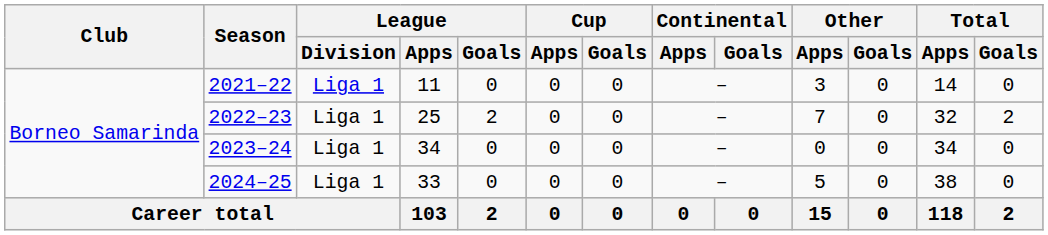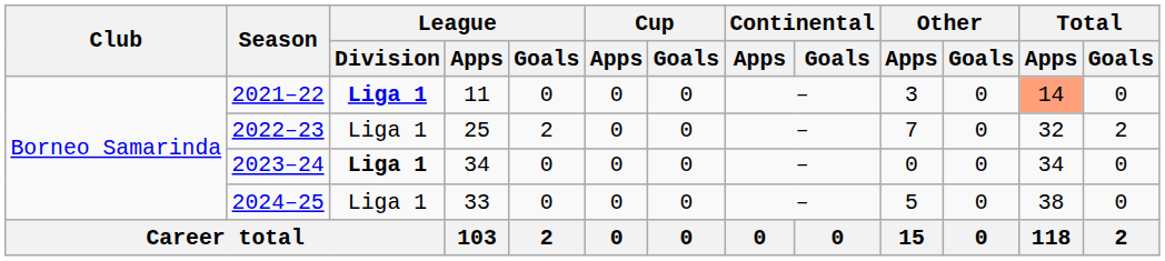 <table class="wikitable" style="text-align: center">
 <tr>
 <th rowspan="2">Club</th>
 <th rowspan="2">Season</th>
 <th colspan="3">League</th>
 <th colspan="2">Cup</th>
 <th colspan="2">Continental</th>
 <th colspan="2">Other</th>
 <th colspan="2">Total</th>
 </tr>
 <tr>
 <th>Division</th>
 <th>Apps</th>
 <th>Goals</th>
 <th>Apps</th>
 <th>Goals</th>
 <th>Apps</th>
 <th>Goals</th>
 <th>Apps</th>
 <th>Goals</th>
 <th>Apps</th>
 <th>Goals</th>
 </tr>
 <tr>
 <td rowspan="4"><a href='#'>Borneo Samarinda</a></td>
 <td><a href='#'>2021–22</a></td>
-<td rowspan="1" valign="center"><a href='#'>Liga 1</a></td>
+<td rowspan="1" valign="center"><strong><a href='#'>Liga 1</a></strong></td>
 <td>11</td>
 <td>0</td>
 <td>0</td>
 <td>0</td>
 <td colspan="2">–</td>
 <td>3</td>
 <td>0</td>
-<td>14</td>
+<td style="background: lightsalmon;">14</td>
 <td>0</td>
 </tr>
 <tr>
 <td><a href='#'>2022–23</a></td>
 <td rowspan="1" valign="center">Liga 1</td>
 <td>25</td>
 <td>2</td>
 <td>0</td>
 <td>0</td>
 <td colspan=2>–</td>
 <td>7</td>
 <td>0</td>
 <td>32</td>
 <td>2</td>
 </tr>
 <tr>
 <td><a href='#'>2023–24</a></td>
-<td>Liga 1</td>
+<td><strong>Liga 1</strong></td>
 <td>34</td>
 <td>0</td>
 <td>0</td>
 <td>0</td>
 <td colspan="2">–</td>
 <td>0</td>
 <td>0</td>
 <td>34</td>
 <td>0</td>
 </tr>
 <tr>
 <td><a href='#'>2024–25</a></td>
 <td>Liga 1</td>
 <td>33</td>
 <td>0</td>
 <td>0</td>
 <td>0</td>
 <td colspan="2">–</td>
 <td>5</td>
 <td>0</td>
 <td>38</td>
 <td>0</td>
 </tr>
 <tr>
 <th colspan=3>Career total</th>
 <th>103</th>
 <th>2</th>
 <th>0</th>
 <th>0</th>
 <th>0</th>
 <th>0</th>
 <th>15</th>
 <th>0</th>
 <th>118</th>
 <th>2</th>
 </tr>
 </table>
